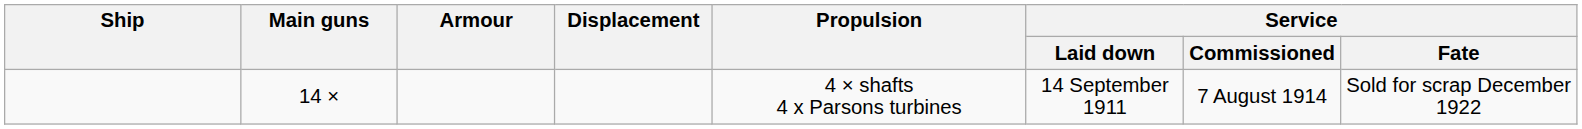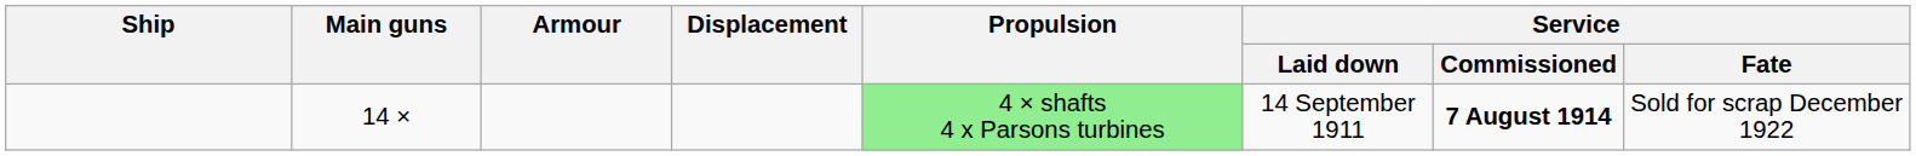 <table class="wikitable" style="width:98%;">
 <tr valign="top"|- valign="top">
 <th style="width:15%; text-align:center;" rowspan="2">Ship</th>
 <th style="width:10%; text-align:center;" rowspan="2">Main guns</th>
 <th style="width:10%; text-align:center;" rowspan="2">Armour</th>
 <th style="width:10%; text-align:center;" rowspan="2">Displacement</th>
 <th style="width:20%; text-align:center;" rowspan="2">Propulsion</th>
 <th style="width:40%; text-align:center;" colspan="3">Service</th>
 </tr>
 <tr valign="top">
 <th style="width:10%; text-align:center;">Laid down</th>
 <th style="width:10%; text-align:center;">Commissioned</th>
 <th style="width:20%; text-align:center;">Fate</th>
 </tr>
 <tr valign="center">
 <td align= center></td>
 <td style="text-align:center;">14 × </td>
 <td style="text-align:center;"></td>
 <td style="text-align:center;"></td>
-<td align= center>4 × shafts<br>4 x Parsons turbines<br></td>
+<td align= center style="background: lightgreen;">4 × shafts<br>4 x Parsons turbines<br></td>
 <td style="text-align:center;">14 September 1911</td>
-<td style="text-align:center;">7 August 1914</td>
+<td style="text-align:center;"><strong>7 August 1914</strong></td>
 <td align= center>Sold for scrap December 1922</td>
 </tr>
 </table>
